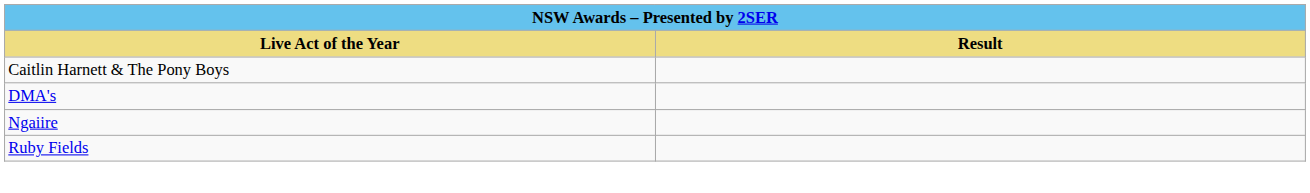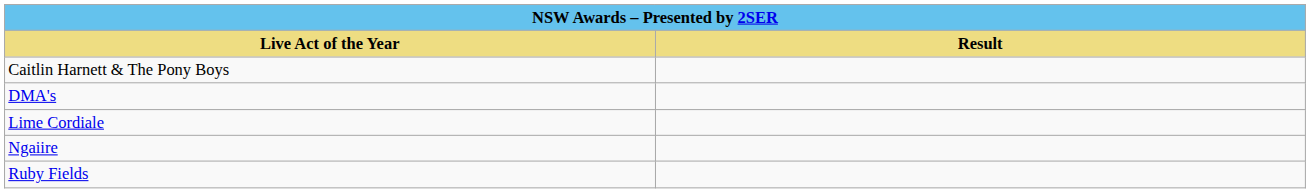 <table class="wikitable" width=100%>
 <tr>
 <th colspan="2" ! style="width:15%;background:#64C2ED">NSW Awards – Presented by <a href='#'>2SER</a></th>
 </tr>
 <tr>
 <th style="width:10%;background:#EEDD82;">Live Act of the Year</th>
 <th style="width:10%;background:#EEDD82;">Result</th>
 </tr>
 <tr>
 <td>Caitlin Harnett & The Pony Boys</td>
 <td></td>
 </tr>
 <tr>
 <td><a href='#'>DMA's</a></td>
 <td></td>
 </tr>
 <tr>
+<td><a href='#'>Lime Cordiale</a></td>
+<td></td>
+</tr>
+<tr>
 <td><a href='#'>Ngaiire</a></td>
 <td></td>
 </tr>
 <tr>
 <td><a href='#'>Ruby Fields</a></td>
 <td></td>
 </tr>
 </table>
